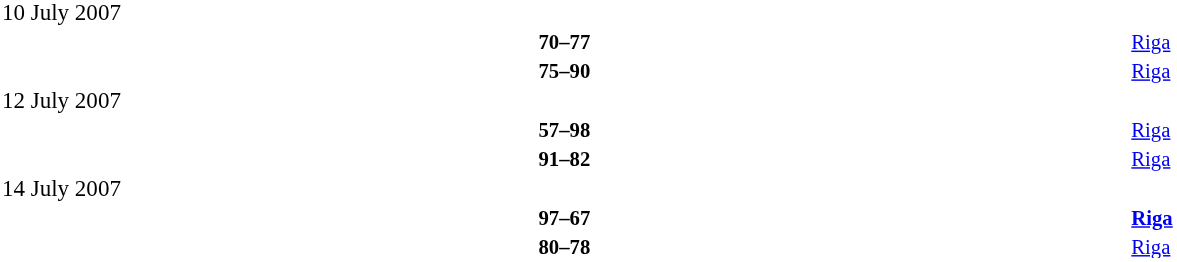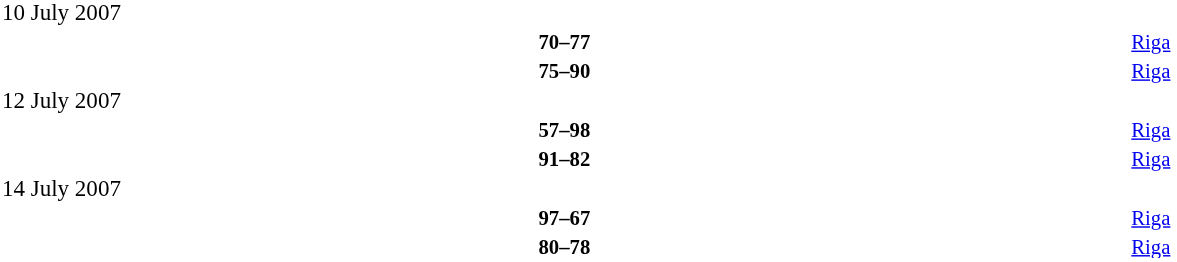 <table style="width:100%;" cellspacing="1">
 <tr>
 <th width=25%></th>
 <th width=3%></th>
 <th width=6%></th>
 <th width=3%></th>
 <th width=25%></th>
 </tr>
 <tr>
 <td>10 July 2007</td>
 </tr>
 <tr style=font-size:90%>
 <td align=right><strong></strong></td>
 <td></td>
 <td align=center><strong>70–77</strong></td>
 <td></td>
 <td><strong></strong></td>
 <td><a href='#'>Riga</a></td>
 </tr>
 <tr style=font-size:90%>
 <td align=right><strong></strong></td>
 <td></td>
 <td align=center><strong>75–90</strong></td>
 <td></td>
 <td><strong></strong></td>
 <td><a href='#'>Riga</a></td>
 </tr>
 <tr>
 <td>12 July 2007</td>
 </tr>
 <tr style=font-size:90%>
 <td align=right><strong></strong></td>
 <td></td>
 <td align=center><strong>57–98</strong></td>
 <td></td>
 <td><strong></strong></td>
 <td><a href='#'>Riga</a></td>
 </tr>
 <tr style=font-size:90%>
 <td align=right><strong></strong></td>
 <td></td>
 <td align=center><strong>91–82</strong></td>
 <td></td>
 <td><strong></strong></td>
 <td><a href='#'>Riga</a></td>
 </tr>
 <tr>
 <td>14 July 2007</td>
 </tr>
 <tr style=font-size:90%>
 <td align=right><strong></strong></td>
 <td></td>
 <td align=center><strong>97–67</strong></td>
 <td></td>
 <td><strong></strong></td>
-<td><strong><a href='#'>Riga</a></strong></td>
+<td><a href='#'>Riga</a></td>
 </tr>
 <tr style=font-size:90%>
 <td align=right><strong></strong></td>
 <td></td>
 <td align=center><strong>80–78</strong></td>
 <td></td>
 <td><strong></strong></td>
 <td><a href='#'>Riga</a></td>
 </tr>
 </table>
